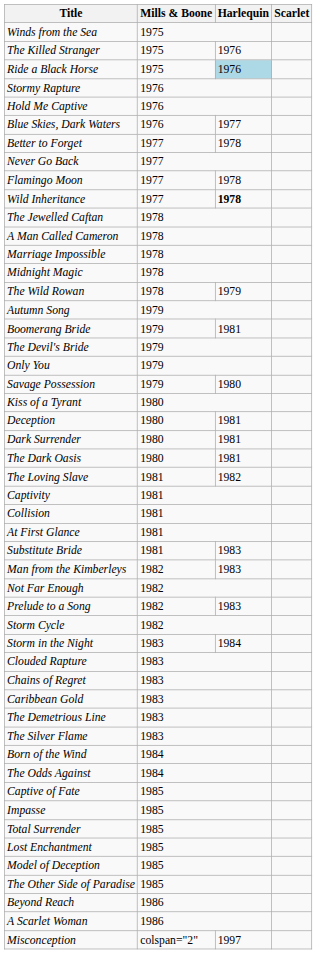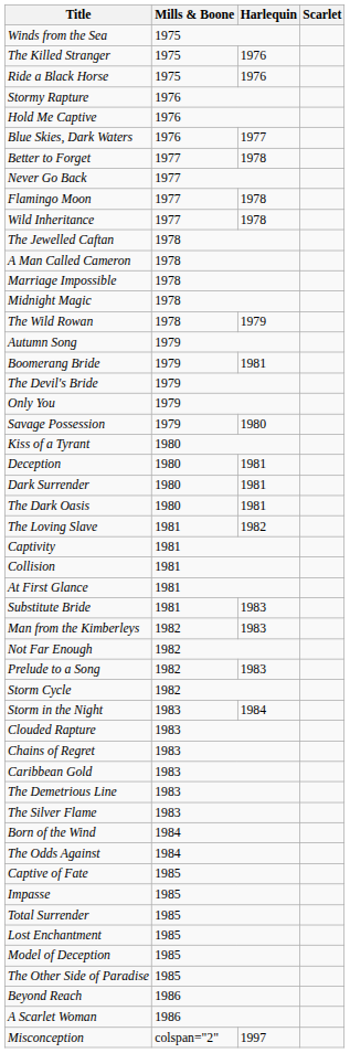 <table class="wikitable col1left defaultcenter">
 <tr>
 <th>Title</th>
 <th>Mills & Boone</th>
 <th>Harlequin</th>
 <th>Scarlet</th>
 </tr>
 <tr>
 <td><em>Winds from the Sea</em></td>
 <td colspan="2">1975</td>
 <td></td>
 </tr>
 <tr>
 <td><em>The Killed Stranger</em></td>
 <td>1975</td>
 <td>1976</td>
 <td></td>
 </tr>
 <tr>
 <td><em>Ride a Black Horse</em></td>
 <td>1975</td>
-<td style="background: lightblue;">1976</td>
+<td>1976</td>
 <td></td>
 </tr>
 <tr>
 <td><em>Stormy Rapture</em></td>
 <td colspan="2">1976</td>
 <td></td>
 </tr>
 <tr>
 <td><em>Hold Me Captive</em></td>
 <td colspan="2">1976</td>
 <td></td>
 </tr>
 <tr>
 <td><em>Blue Skies, Dark Waters</em></td>
 <td>1976</td>
 <td>1977</td>
 <td></td>
 </tr>
 <tr>
 <td><em>Better to Forget</em></td>
 <td>1977</td>
 <td>1978</td>
 <td></td>
 </tr>
 <tr>
 <td><em>Never Go Back</em></td>
 <td colspan="2">1977</td>
 <td></td>
 </tr>
 <tr>
 <td><em>Flamingo Moon</em></td>
 <td>1977</td>
 <td>1978</td>
 <td></td>
 </tr>
 <tr>
 <td><em>Wild Inheritance</em></td>
 <td>1977</td>
-<td><strong>1978</strong></td>
+<td>1978</td>
 <td></td>
 </tr>
 <tr>
 <td><em>The Jewelled Caftan</em></td>
 <td colspan="2">1978</td>
 <td></td>
 </tr>
 <tr>
 <td><em>A Man Called Cameron</em></td>
 <td colspan="2">1978</td>
 <td></td>
 </tr>
 <tr>
 <td><em>Marriage Impossible</em></td>
 <td colspan="2">1978</td>
 <td></td>
 </tr>
 <tr>
 <td><em>Midnight Magic</em></td>
 <td colspan="2">1978</td>
 <td></td>
 </tr>
 <tr>
 <td><em>The Wild Rowan</em></td>
 <td>1978</td>
 <td>1979</td>
 <td></td>
 </tr>
 <tr>
 <td><em>Autumn Song</em></td>
 <td colspan="2">1979</td>
 <td></td>
 </tr>
 <tr>
 <td><em>Boomerang Bride</em></td>
 <td>1979</td>
 <td>1981</td>
 <td></td>
 </tr>
 <tr>
 <td><em>The Devil's Bride</em></td>
 <td colspan="2">1979</td>
 <td></td>
 </tr>
 <tr>
 <td><em>Only You</em></td>
 <td colspan="2">1979</td>
 <td></td>
 </tr>
 <tr>
 <td><em>Savage Possession</em></td>
 <td>1979</td>
 <td>1980</td>
 <td></td>
 </tr>
 <tr>
 <td><em>Kiss of a Tyrant</em></td>
 <td colspan="2">1980</td>
 <td></td>
 </tr>
 <tr>
 <td><em>Deception</em></td>
 <td>1980</td>
 <td>1981</td>
 <td></td>
 </tr>
 <tr>
 <td><em>Dark Surrender</em></td>
 <td>1980</td>
 <td>1981</td>
 <td></td>
 </tr>
 <tr>
 <td><em>The Dark Oasis</em></td>
 <td>1980</td>
 <td>1981</td>
 <td></td>
 </tr>
 <tr>
 <td><em>The Loving Slave</em></td>
 <td>1981</td>
 <td>1982</td>
 <td></td>
 </tr>
 <tr>
 <td><em>Captivity</em></td>
 <td colspan="2">1981</td>
 <td></td>
 </tr>
 <tr>
 <td><em>Collision</em></td>
 <td colspan="2">1981</td>
 <td></td>
 </tr>
 <tr>
 <td><em>At First Glance</em></td>
 <td colspan="2">1981</td>
 <td></td>
 </tr>
 <tr>
 <td><em>Substitute Bride</em></td>
 <td>1981</td>
 <td>1983</td>
 <td></td>
 </tr>
 <tr>
 <td><em>Man from the Kimberleys</em></td>
 <td>1982</td>
 <td>1983</td>
 <td></td>
 </tr>
 <tr>
 <td><em>Not Far Enough</em></td>
 <td colspan="2">1982</td>
 <td></td>
 </tr>
 <tr>
 <td><em>Prelude to a Song</em></td>
 <td>1982</td>
 <td>1983</td>
 <td></td>
 </tr>
 <tr>
 <td><em>Storm Cycle</em></td>
 <td colspan="2">1982</td>
 <td></td>
 </tr>
 <tr>
 <td><em>Storm in the Night</em></td>
 <td>1983</td>
 <td>1984</td>
 <td></td>
 </tr>
 <tr>
 <td><em>Clouded Rapture</em></td>
 <td colspan="2">1983</td>
 <td></td>
 </tr>
 <tr>
 <td><em>Chains of Regret</em></td>
 <td colspan="2">1983</td>
 <td></td>
 </tr>
 <tr>
 <td><em>Caribbean Gold</em></td>
 <td colspan="2">1983</td>
 <td></td>
 </tr>
 <tr>
 <td><em>The Demetrious Line</em></td>
 <td colspan="2">1983</td>
 <td></td>
 </tr>
 <tr>
 <td><em>The Silver Flame</em></td>
 <td colspan="2">1983</td>
 <td></td>
 </tr>
 <tr>
 <td><em>Born of the Wind</em></td>
 <td colspan="2">1984</td>
 <td></td>
 </tr>
 <tr>
 <td><em>The Odds Against</em></td>
 <td colspan="2">1984</td>
 <td></td>
 </tr>
 <tr>
 <td><em>Captive of Fate</em></td>
 <td colspan="2">1985</td>
 <td></td>
 </tr>
 <tr>
 <td><em>Impasse</em></td>
 <td colspan="2">1985</td>
 <td></td>
 </tr>
 <tr>
 <td><em>Total Surrender</em></td>
 <td colspan="2">1985</td>
 <td></td>
 </tr>
 <tr>
 <td><em>Lost Enchantment</em></td>
 <td colspan="2">1985</td>
 <td></td>
 </tr>
 <tr>
 <td><em>Model of Deception</em></td>
 <td colspan="2">1985</td>
 <td></td>
 </tr>
 <tr>
 <td><em>The Other Side of Paradise</em></td>
 <td colspan="2">1985</td>
 <td></td>
 </tr>
 <tr>
 <td><em>Beyond Reach</em></td>
 <td colspan="2">1986</td>
 <td></td>
 </tr>
 <tr>
 <td><em>A Scarlet Woman</em></td>
 <td colspan="2">1986</td>
 <td></td>
 </tr>
 <tr>
 <td><em>Misconception</em></td>
 <td>colspan="2" </td>
 <td>1997</td>
 </tr>
 </table>
